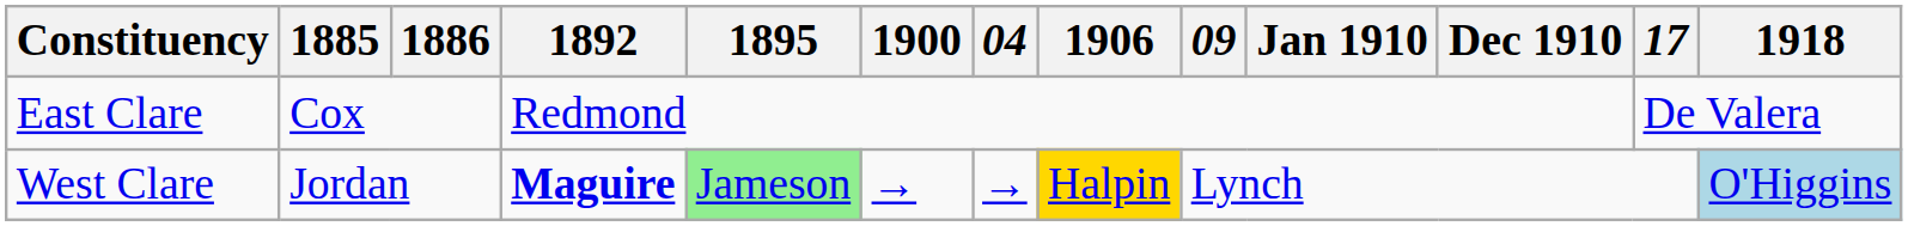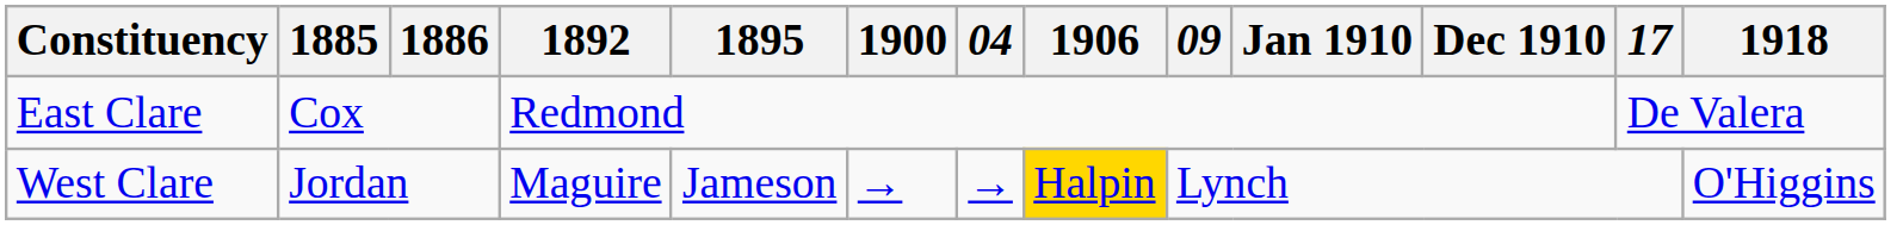 <table class="wikitable">
 <tr>
 <th>Constituency</th>
 <th>1885</th>
 <th>1886</th>
 <th>1892</th>
 <th>1895</th>
 <th>1900</th>
 <th><em>04</em></th>
 <th>1906</th>
 <th><em>09</em></th>
 <th>Jan 1910</th>
 <th>Dec 1910</th>
 <th><em>17</em></th>
 <th>1918</th>
 </tr>
 <tr>
 <td><a href='#'>East Clare</a></td>
 <td colspan="2"><a href='#'>Cox</a></td>
 <td colspan="8"><a href='#'>Redmond</a></td>
 <td colspan="2"><a href='#'>De Valera</a></td>
 </tr>
 <tr>
 <td><a href='#'>West Clare</a></td>
 <td colspan="2"><a href='#'>Jordan</a></td>
-<td><strong><a href='#'>Maguire</a></strong></td>
-<td style="background: lightgreen;"><a href='#'>Jameson</a></td>
+<td><a href='#'>Maguire</a></td>
+<td><a href='#'>Jameson</a></td>
 <td><a href='#'>→</a></td>
 <td><a href='#'>→</a></td>
 <td style="background: gold;"><a href='#'>Halpin</a></td>
 <td colspan="4"><a href='#'>Lynch</a></td>
-<td style="background: lightblue;"><a href='#'>O'Higgins</a></td>
+<td><a href='#'>O'Higgins</a></td>
 </tr>
 </table>
